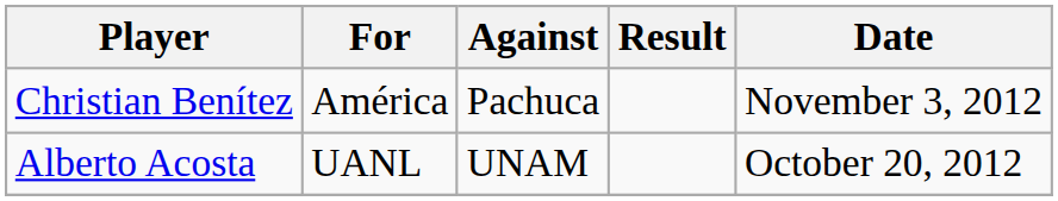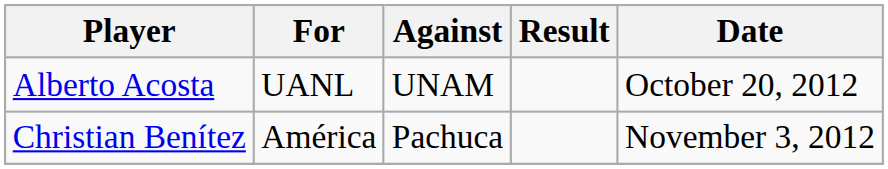 <table class="wikitable sortable">
 <tr>
 <th>Player</th>
 <th>For</th>
 <th>Against</th>
 <th align=center>Result</th>
 <th>Date</th>
 </tr>
 <tr>
+<td> <a href='#'>Alberto Acosta</a></td>
+<td>UANL</td>
+<td>UNAM</td>
+<td align="center"></td>
+<td>October 20, 2012</td>
+</tr>
+<tr>
 <td> <a href='#'>Christian Benítez</a></td>
 <td>América</td>
 <td>Pachuca</td>
 <td align="center"></td>
 <td>November 3, 2012</td>
 </tr>
 <tr>
-<td> <a href='#'>Alberto Acosta</a></td>
-<td>UANL</td>
-<td>UNAM</td>
-<td align="center"></td>
-<td>October 20, 2012</td>
-</tr>
-<tr>
 </tr>
 </table>
